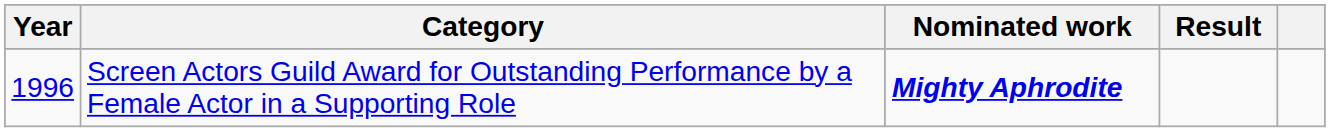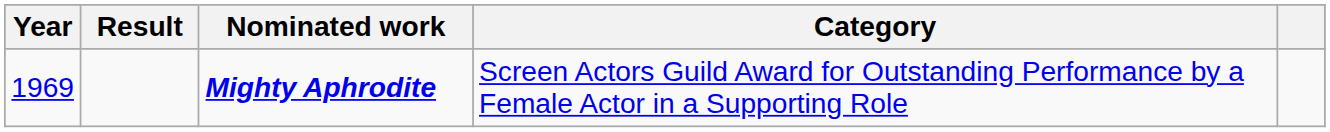 <table class="wikitable">
 <tr>
 <th>Year</th>
+<th width="60">Result</th>
+<th width="148">Nominated work</th>
 <th width="450">Category</th>
-<th width="148">Nominated work</th>
-<th width="60">Result</th>
 <th width="20" class="unsortable"></th>
 </tr>
 <tr>
-<td><a href='#'>1996</a></td>
+<td><a href='#'>1969</a></td>
+<td></td>
+<td><strong><em><a href='#'>Mighty Aphrodite</a></em></strong></td>
 <td><a href='#'>Screen Actors Guild Award for Outstanding Performance by a Female Actor in a Supporting Role</a></td>
-<td><strong><em><a href='#'>Mighty Aphrodite</a></em></strong></td>
-<td></td>
 <td></td>
 </tr>
 </table>
